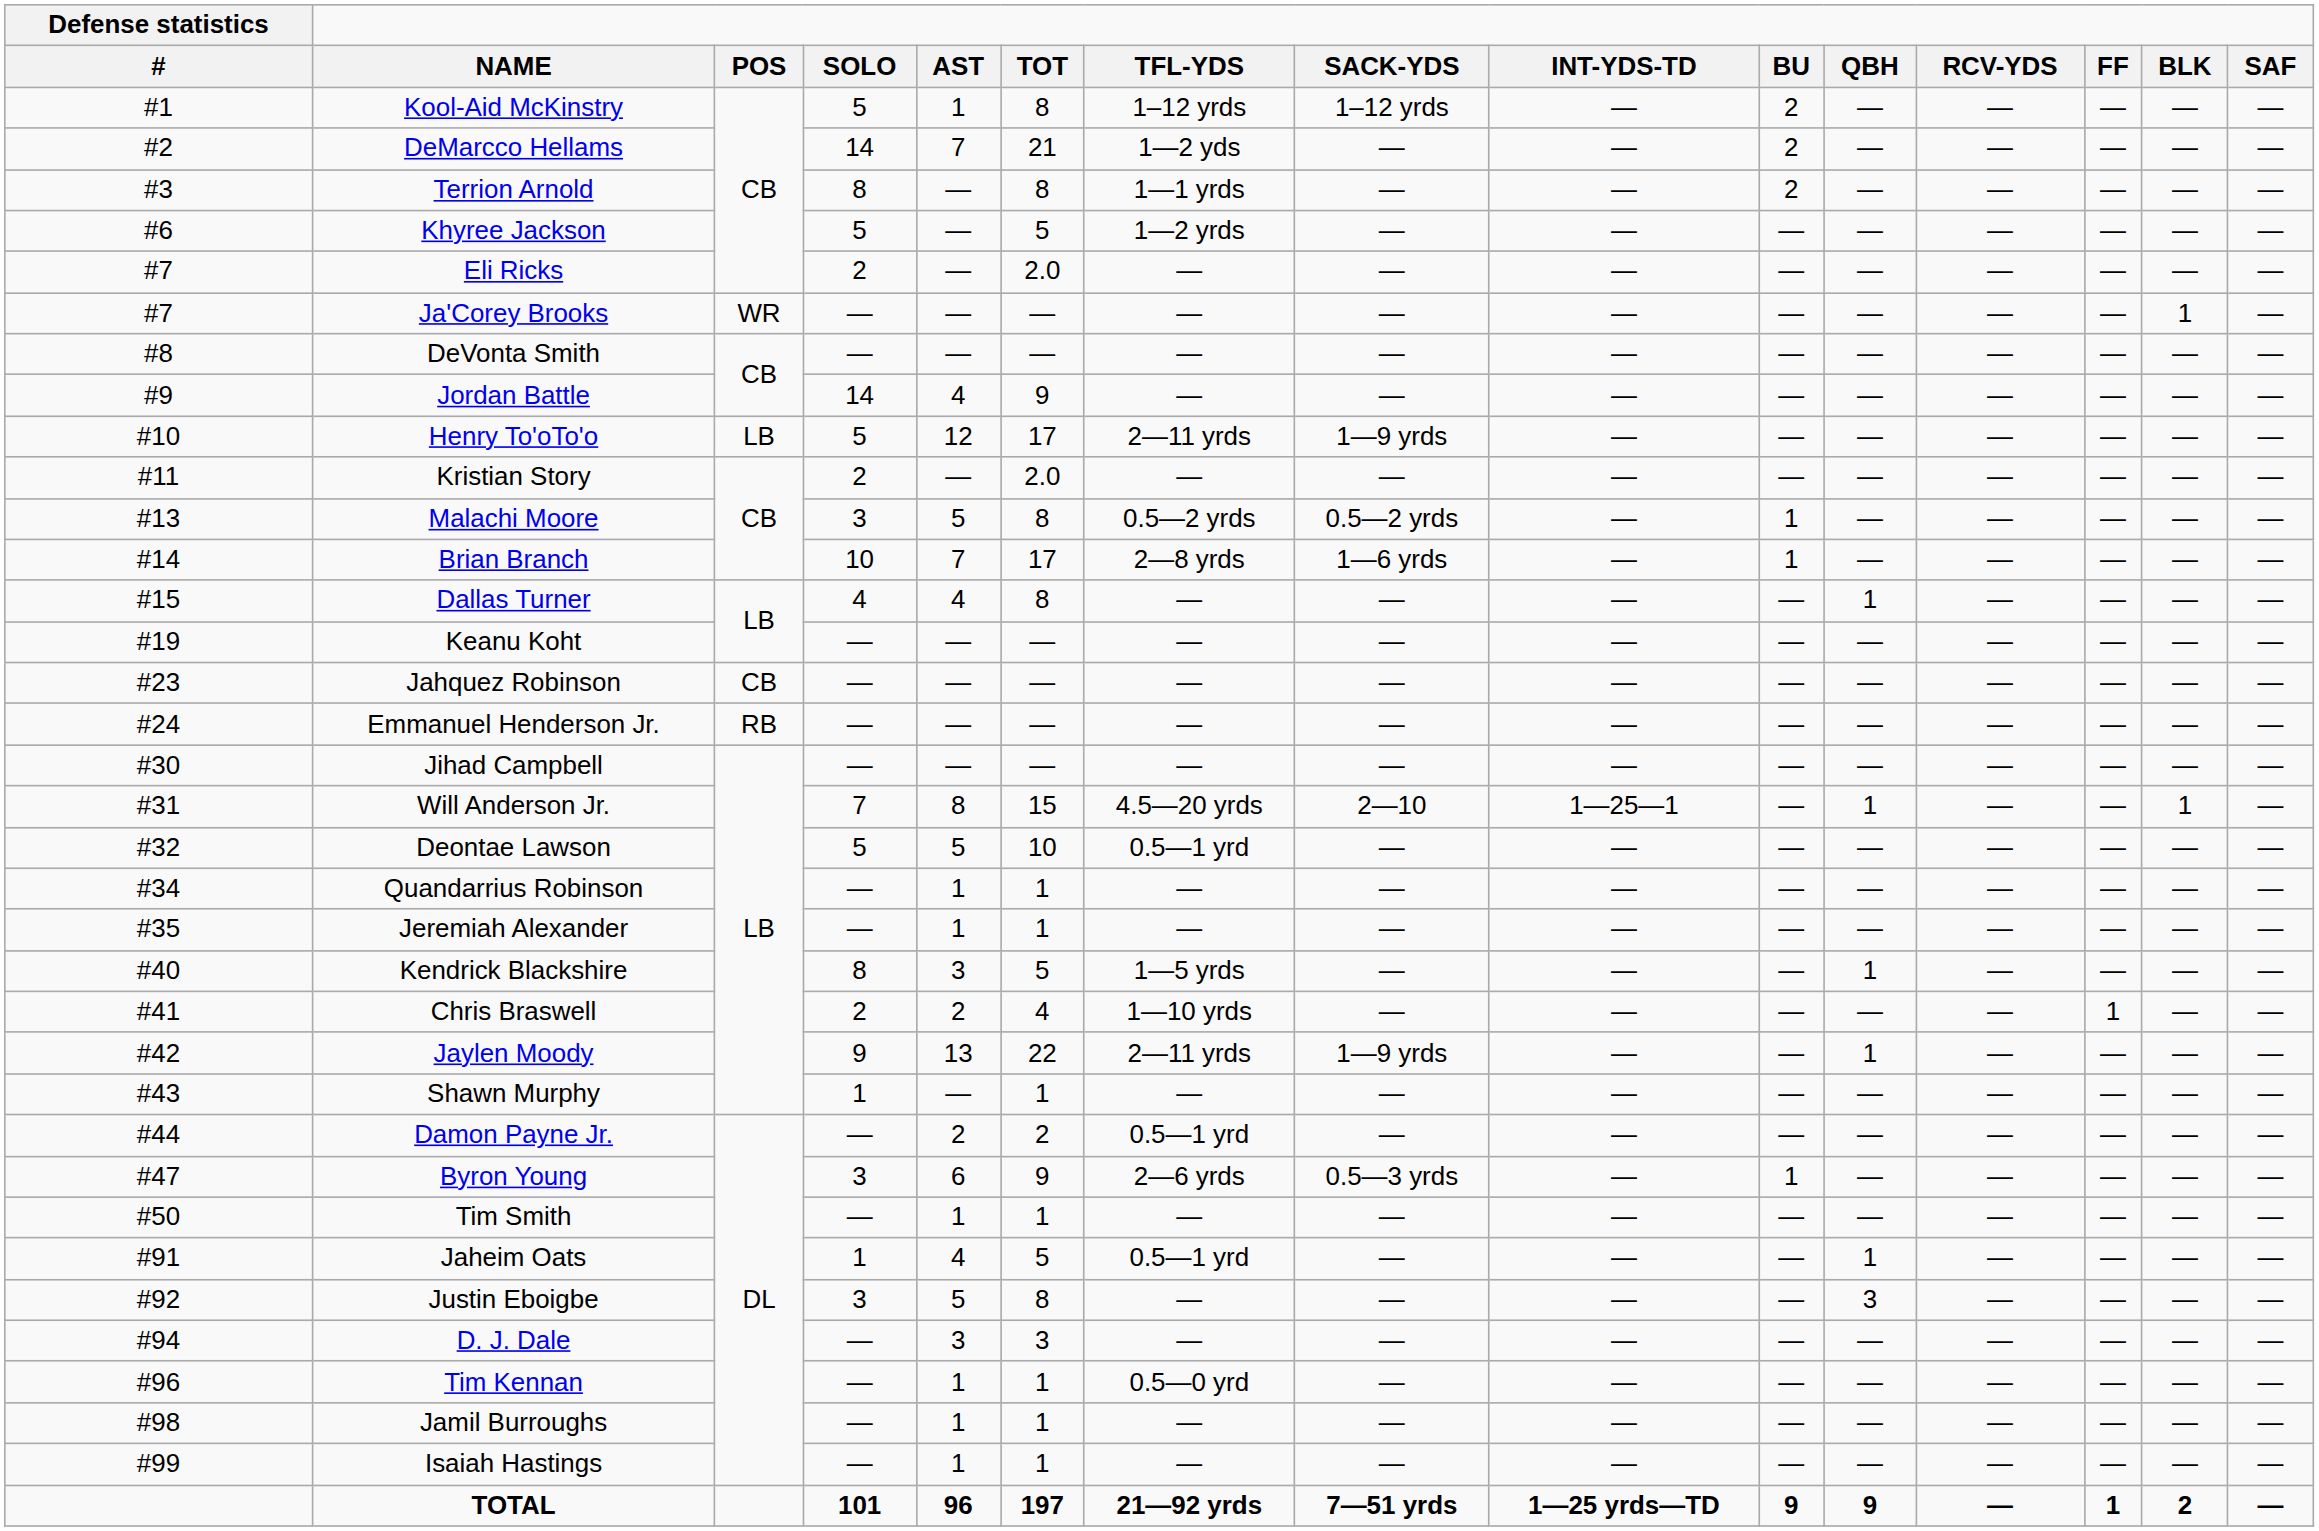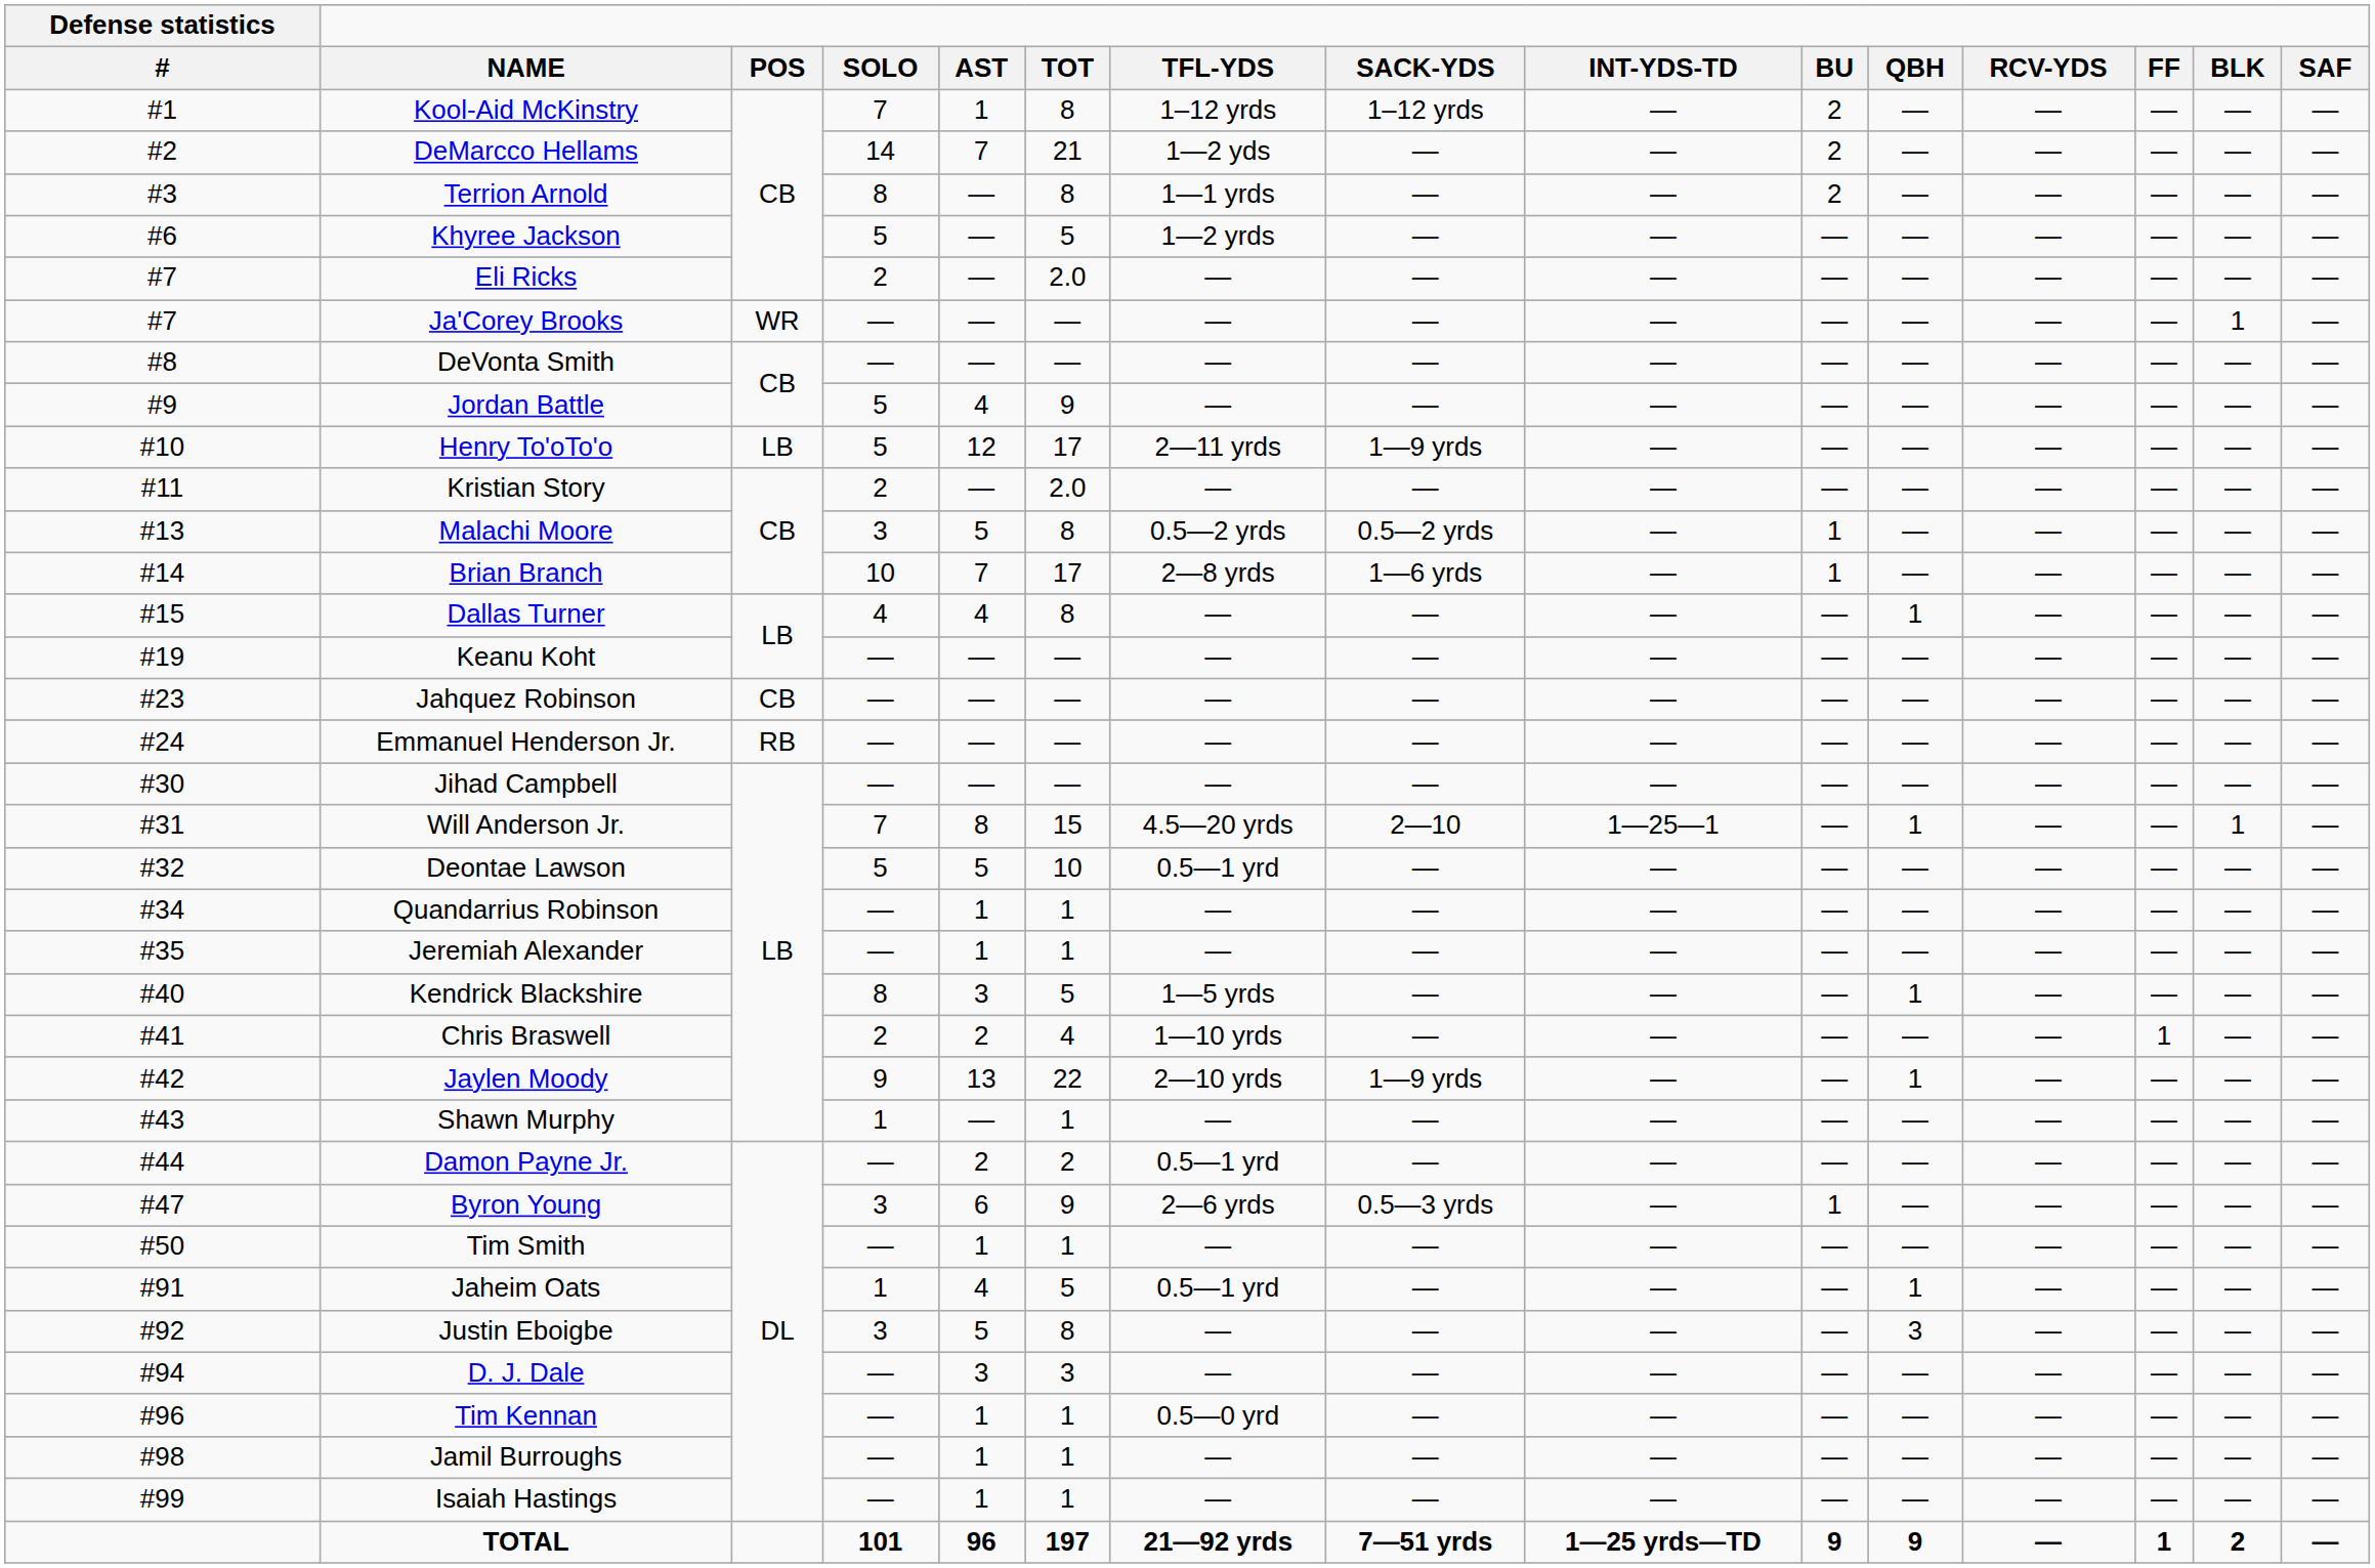 <table style="width:90%; text-align:center;" class="wikitable collapsible collapsed">
 <tr>
 <th style="text-align:center; ">Defense statistics</th>
 </tr>
 <tr>
 <th>#</th>
 <th>NAME</th>
 <th>POS</th>
 <th>SOLO</th>
 <th>AST</th>
 <th>TOT</th>
 <th>TFL-YDS</th>
 <th>SACK-YDS</th>
 <th>INT-YDS-TD</th>
 <th>BU</th>
 <th>QBH</th>
 <th>RCV-YDS</th>
 <th>FF</th>
 <th>BLK</th>
 <th>SAF</th>
 </tr>
 <tr>
 <td>#1</td>
 <td><a href='#'>Kool-Aid McKinstry</a></td>
 <td rowspan=5>CB</td>
-<td>5</td>
+<td>7</td>
 <td>1</td>
 <td>8</td>
 <td>1–12 yrds</td>
 <td>1–12 yrds</td>
 <td>—</td>
 <td>2</td>
 <td>—</td>
 <td>—</td>
 <td>—</td>
 <td>—</td>
 <td>—</td>
 </tr>
 <tr>
 <td>#2</td>
 <td><a href='#'>DeMarcco Hellams</a></td>
 <td>14</td>
 <td>7</td>
 <td>21</td>
 <td>1—2 yds</td>
 <td>—</td>
 <td>—</td>
 <td>2</td>
 <td>—</td>
 <td>—</td>
 <td>—</td>
 <td>—</td>
 <td>—</td>
 </tr>
 <tr>
 <td>#3</td>
 <td><a href='#'>Terrion Arnold</a></td>
 <td>8</td>
 <td>—</td>
 <td>8</td>
 <td>1—1 yrds</td>
 <td>—</td>
 <td>—</td>
 <td>2</td>
 <td>—</td>
 <td>—</td>
 <td>—</td>
 <td>—</td>
 <td>—</td>
 </tr>
 <tr>
 <td>#6</td>
 <td><a href='#'>Khyree Jackson</a></td>
 <td>5</td>
 <td>—</td>
 <td>5</td>
 <td>1—2 yrds</td>
 <td>—</td>
 <td>—</td>
 <td>—</td>
 <td>—</td>
 <td>—</td>
 <td>—</td>
 <td>—</td>
 <td>—</td>
 </tr>
 <tr>
 <td>#7</td>
 <td><a href='#'>Eli Ricks</a></td>
 <td>2</td>
 <td>—</td>
 <td>2.0</td>
 <td>—</td>
 <td>—</td>
 <td>—</td>
 <td>—</td>
 <td>—</td>
 <td>—</td>
 <td>—</td>
 <td>—</td>
 <td>—</td>
 </tr>
 <tr>
 <td>#7</td>
 <td><a href='#'>Ja'Corey Brooks</a></td>
 <td>WR</td>
 <td>—</td>
 <td>—</td>
 <td>—</td>
 <td>—</td>
 <td>—</td>
 <td>—</td>
 <td>—</td>
 <td>—</td>
 <td>—</td>
 <td>—</td>
 <td>1</td>
 <td>—</td>
 </tr>
 <tr>
 <td>#8</td>
 <td>DeVonta Smith</td>
 <td rowspan=2>CB</td>
 <td>—</td>
 <td>—</td>
 <td>—</td>
 <td>—</td>
 <td>—</td>
 <td>—</td>
 <td>—</td>
 <td>—</td>
 <td>—</td>
 <td>—</td>
 <td>—</td>
 <td>—</td>
 </tr>
 <tr>
 <td>#9</td>
 <td><a href='#'>Jordan Battle</a></td>
-<td>14</td>
+<td>5</td>
 <td>4</td>
 <td>9</td>
 <td>—</td>
 <td>—</td>
 <td>—</td>
 <td>—</td>
 <td>—</td>
 <td>—</td>
 <td>—</td>
 <td>—</td>
 <td>—</td>
 </tr>
 <tr>
 <td>#10</td>
 <td><a href='#'>Henry To'oTo'o</a></td>
 <td>LB</td>
 <td>5</td>
 <td>12</td>
 <td>17</td>
 <td>2—11 yrds</td>
 <td>1—9 yrds</td>
 <td>—</td>
 <td>—</td>
 <td>—</td>
 <td>—</td>
 <td>—</td>
 <td>—</td>
 <td>—</td>
 </tr>
 <tr>
 <td>#11</td>
 <td>Kristian Story</td>
 <td rowspan=3>CB</td>
 <td>2</td>
 <td>—</td>
 <td>2.0</td>
 <td>—</td>
 <td>—</td>
 <td>—</td>
 <td>—</td>
 <td>—</td>
 <td>—</td>
 <td>—</td>
 <td>—</td>
 <td>—</td>
 </tr>
 <tr>
 <td>#13</td>
 <td><a href='#'>Malachi Moore</a></td>
 <td>3</td>
 <td>5</td>
 <td>8</td>
 <td>0.5—2 yrds</td>
 <td>0.5—2 yrds</td>
 <td>—</td>
 <td>1</td>
 <td>—</td>
 <td>—</td>
 <td>—</td>
 <td>—</td>
 <td>—</td>
 </tr>
 <tr>
 <td>#14</td>
 <td><a href='#'>Brian Branch</a></td>
 <td>10</td>
 <td>7</td>
 <td>17</td>
 <td>2—8 yrds</td>
 <td>1—6 yrds</td>
 <td>—</td>
 <td>1</td>
 <td>—</td>
 <td>—</td>
 <td>—</td>
 <td>—</td>
 <td>—</td>
 </tr>
 <tr>
 <td>#15</td>
 <td><a href='#'>Dallas Turner</a></td>
 <td rowspan=2>LB</td>
 <td>4</td>
 <td>4</td>
 <td>8</td>
 <td>—</td>
 <td>—</td>
 <td>—</td>
 <td>—</td>
 <td>1</td>
 <td>—</td>
 <td>—</td>
 <td>—</td>
 <td>—</td>
 </tr>
 <tr>
 <td>#19</td>
 <td>Keanu Koht</td>
 <td>—</td>
 <td>—</td>
 <td>—</td>
 <td>—</td>
 <td>—</td>
 <td>—</td>
 <td>—</td>
 <td>—</td>
 <td>—</td>
 <td>—</td>
 <td>—</td>
 <td>—</td>
 </tr>
 <tr>
 <td>#23</td>
 <td>Jahquez Robinson</td>
 <td>CB</td>
 <td>—</td>
 <td>—</td>
 <td>—</td>
 <td>—</td>
 <td>—</td>
 <td>—</td>
 <td>—</td>
 <td>—</td>
 <td>—</td>
 <td>—</td>
 <td>—</td>
 <td>—</td>
 </tr>
 <tr>
 <td>#24</td>
 <td>Emmanuel Henderson Jr.</td>
 <td>RB</td>
 <td>—</td>
 <td>—</td>
 <td>—</td>
 <td>—</td>
 <td>—</td>
 <td>—</td>
 <td>—</td>
 <td>—</td>
 <td>—</td>
 <td>—</td>
 <td>—</td>
 <td>—</td>
 </tr>
 <tr>
 <td>#30</td>
 <td>Jihad Campbell</td>
 <td rowspan=9>LB</td>
 <td>—</td>
 <td>—</td>
 <td>—</td>
 <td>—</td>
 <td>—</td>
 <td>—</td>
 <td>—</td>
 <td>—</td>
 <td>—</td>
 <td>—</td>
 <td>—</td>
 <td>—</td>
 </tr>
 <tr>
 <td>#31</td>
 <td>Will Anderson Jr.</td>
 <td>7</td>
 <td>8</td>
 <td>15</td>
 <td>4.5—20 yrds</td>
 <td>2—10</td>
 <td>1—25—1</td>
 <td>—</td>
 <td>1</td>
 <td>—</td>
 <td>—</td>
 <td>1</td>
 <td>—</td>
 </tr>
 <tr>
 <td>#32</td>
 <td>Deontae Lawson</td>
 <td>5</td>
 <td>5</td>
 <td>10</td>
 <td>0.5—1 yrd</td>
 <td>—</td>
 <td>—</td>
 <td>—</td>
 <td>—</td>
 <td>—</td>
 <td>—</td>
 <td>—</td>
 <td>—</td>
 </tr>
 <tr>
 <td>#34</td>
 <td>Quandarrius Robinson</td>
 <td>—</td>
 <td>1</td>
 <td>1</td>
 <td>—</td>
 <td>—</td>
 <td>—</td>
 <td>—</td>
 <td>—</td>
 <td>—</td>
 <td>—</td>
 <td>—</td>
 <td>—</td>
 </tr>
 <tr>
 <td>#35</td>
 <td>Jeremiah Alexander</td>
 <td>—</td>
 <td>1</td>
 <td>1</td>
 <td>—</td>
 <td>—</td>
 <td>—</td>
 <td>—</td>
 <td>—</td>
 <td>—</td>
 <td>—</td>
 <td>—</td>
 <td>—</td>
 </tr>
 <tr>
 <td>#40</td>
 <td>Kendrick Blackshire</td>
 <td>8</td>
 <td>3</td>
 <td>5</td>
 <td>1—5 yrds</td>
 <td>—</td>
 <td>—</td>
 <td>—</td>
 <td>1</td>
 <td>—</td>
 <td>—</td>
 <td>—</td>
 <td>—</td>
 </tr>
 <tr>
 <td>#41</td>
 <td>Chris Braswell</td>
 <td>2</td>
 <td>2</td>
 <td>4</td>
 <td>1—10 yrds</td>
 <td>—</td>
 <td>—</td>
 <td>—</td>
 <td>—</td>
 <td>—</td>
 <td>1</td>
 <td>—</td>
 <td>—</td>
 </tr>
 <tr>
 <td>#42</td>
 <td><a href='#'>Jaylen Moody</a></td>
 <td>9</td>
 <td>13</td>
 <td>22</td>
-<td>2—11 yrds</td>
+<td>2—10 yrds</td>
 <td>1—9 yrds</td>
 <td>—</td>
 <td>—</td>
 <td>1</td>
 <td>—</td>
 <td>—</td>
 <td>—</td>
 <td>—</td>
 </tr>
 <tr>
 <td>#43</td>
 <td>Shawn Murphy</td>
 <td>1</td>
 <td>—</td>
 <td>1</td>
 <td>—</td>
 <td>—</td>
 <td>—</td>
 <td>—</td>
 <td>—</td>
 <td>—</td>
 <td>—</td>
 <td>—</td>
 <td>—</td>
 </tr>
 <tr>
 <td>#44</td>
 <td><a href='#'>Damon Payne Jr.</a></td>
 <td rowspan=9>DL</td>
 <td>—</td>
 <td>2</td>
 <td>2</td>
 <td>0.5—1 yrd</td>
 <td>—</td>
 <td>—</td>
 <td>—</td>
 <td>—</td>
 <td>—</td>
 <td>—</td>
 <td>—</td>
 <td>—</td>
 </tr>
 <tr>
 <td>#47</td>
 <td><a href='#'>Byron Young</a></td>
 <td>3</td>
 <td>6</td>
 <td>9</td>
 <td>2—6 yrds</td>
 <td>0.5—3 yrds</td>
 <td>—</td>
 <td>1</td>
 <td>—</td>
 <td>—</td>
 <td>—</td>
 <td>—</td>
 <td>—</td>
 </tr>
 <tr>
 <td>#50</td>
 <td>Tim Smith</td>
 <td>—</td>
 <td>1</td>
 <td>1</td>
 <td>—</td>
 <td>—</td>
 <td>—</td>
 <td>—</td>
 <td>—</td>
 <td>—</td>
 <td>—</td>
 <td>—</td>
 <td>—</td>
 </tr>
 <tr>
 <td>#91</td>
 <td>Jaheim Oats</td>
 <td>1</td>
 <td>4</td>
 <td>5</td>
 <td>0.5—1 yrd</td>
 <td>—</td>
 <td>—</td>
 <td>—</td>
 <td>1</td>
 <td>—</td>
 <td>—</td>
 <td>—</td>
 <td>—</td>
 </tr>
 <tr>
 <td>#92</td>
 <td>Justin Eboigbe</td>
 <td>3</td>
 <td>5</td>
 <td>8</td>
 <td>—</td>
 <td>—</td>
 <td>—</td>
 <td>—</td>
 <td>3</td>
 <td>—</td>
 <td>—</td>
 <td>—</td>
 <td>—</td>
 </tr>
 <tr>
 <td>#94</td>
 <td><a href='#'>D. J. Dale</a></td>
 <td>—</td>
 <td>3</td>
 <td>3</td>
 <td>—</td>
 <td>—</td>
 <td>—</td>
 <td>—</td>
 <td>—</td>
 <td>—</td>
 <td>—</td>
 <td>—</td>
 <td>—</td>
 </tr>
 <tr>
 <td>#96</td>
 <td><a href='#'>Tim Kennan</a></td>
 <td>—</td>
 <td>1</td>
 <td>1</td>
 <td>0.5—0 yrd</td>
 <td>—</td>
 <td>—</td>
 <td>—</td>
 <td>—</td>
 <td>—</td>
 <td>—</td>
 <td>—</td>
 <td>—</td>
 </tr>
 <tr>
 <td>#98</td>
 <td>Jamil Burroughs</td>
 <td>—</td>
 <td>1</td>
 <td>1</td>
 <td>—</td>
 <td>—</td>
 <td>—</td>
 <td>—</td>
 <td>—</td>
 <td>—</td>
 <td>—</td>
 <td>—</td>
 <td>—</td>
 </tr>
 <tr>
 <td>#99</td>
 <td>Isaiah Hastings</td>
 <td>—</td>
 <td>1</td>
 <td>1</td>
 <td>—</td>
 <td>—</td>
 <td>—</td>
 <td>—</td>
 <td>—</td>
 <td>—</td>
 <td>—</td>
 <td>—</td>
 <td>—</td>
 </tr>
 <tr>
 <td></td>
 <td><strong>TOTAL</strong></td>
 <td></td>
 <td><strong>101</strong></td>
 <td><strong>96</strong></td>
 <td><strong>197</strong></td>
 <td><strong>21—92 yrds</strong></td>
 <td><strong>7—51 yrds</strong></td>
 <td><strong>1—25 yrds—TD</strong></td>
 <td><strong>9</strong></td>
 <td><strong>9</strong></td>
 <td><strong>—</strong></td>
 <td><strong>1</strong></td>
 <td><strong>2</strong></td>
 <td><strong>—</strong></td>
 </tr>
 </table>
